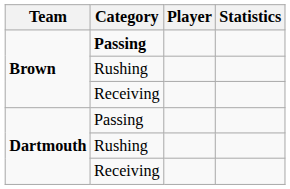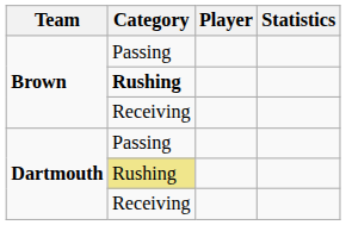 <table class="wikitable" style="float: right;">
 <tr>
 <th>Team</th>
 <th>Category</th>
 <th>Player</th>
 <th>Statistics</th>
 </tr>
 <tr>
 <td rowspan=3><strong>Brown</strong></td>
-<td><strong>Passing</strong></td>
+<td>Passing</td>
 <td></td>
 <td></td>
 </tr>
 <tr>
-<td>Rushing</td>
+<td><strong>Rushing</strong></td>
 <td></td>
 <td></td>
 </tr>
 <tr>
 <td>Receiving</td>
 <td></td>
 <td></td>
 </tr>
 <tr>
 <td rowspan=3><strong>Dartmouth</strong></td>
 <td>Passing</td>
 <td></td>
 <td></td>
 </tr>
 <tr>
-<td>Rushing</td>
+<td style="background: khaki;">Rushing</td>
 <td></td>
 <td></td>
 </tr>
 <tr>
 <td>Receiving</td>
 <td></td>
 <td></td>
 </tr>
 </table>
